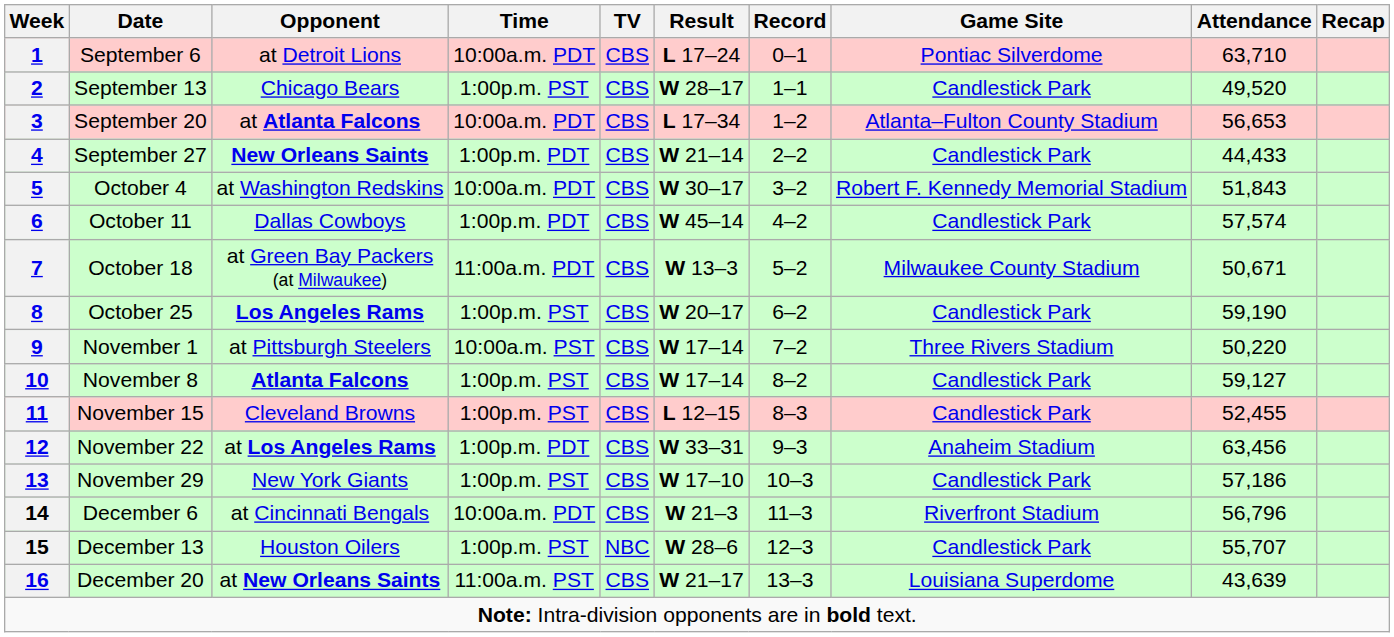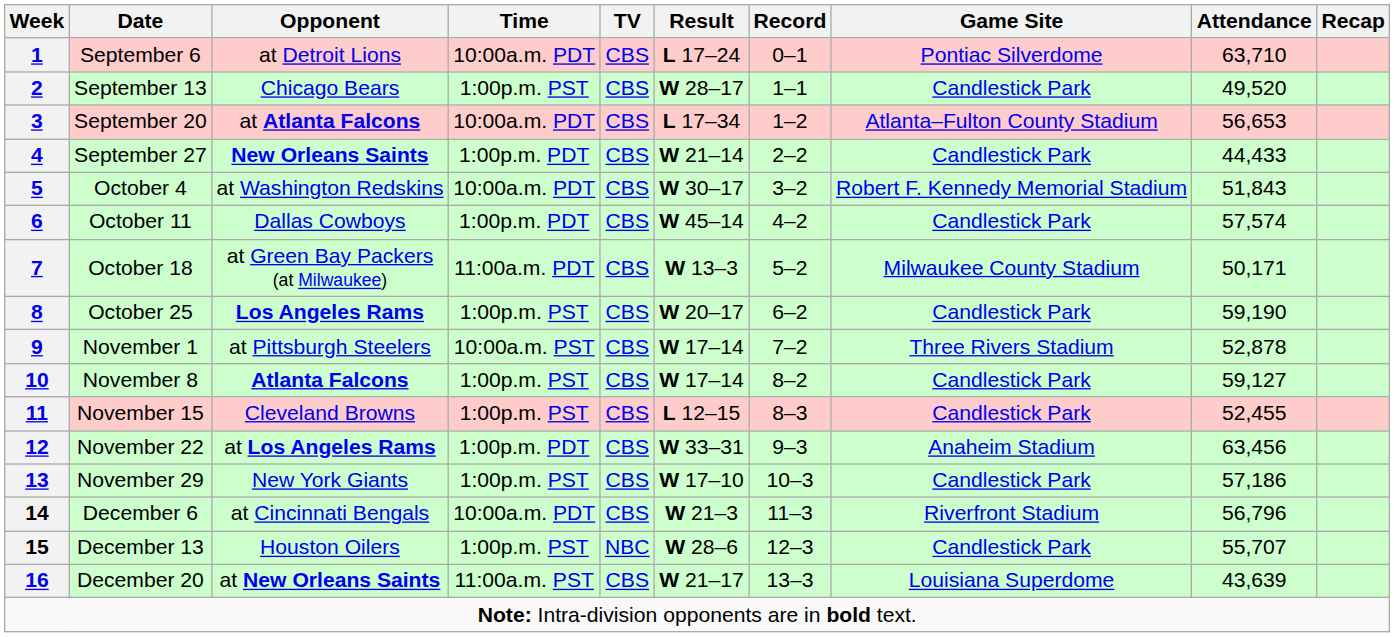 <table class="wikitable" style="text-align:center">
 <tr>
 <th>Week</th>
 <th>Date</th>
 <th>Opponent</th>
 <th>Time</th>
 <th>TV</th>
 <th>Result</th>
 <th>Record</th>
 <th>Game Site</th>
 <th>Attendance</th>
 <th>Recap</th>
 </tr>
 <tr style="background:#fcc">
 <th><a href='#'>1</a></th>
 <td>September 6</td>
 <td>at <a href='#'>Detroit Lions</a></td>
 <td>10:00a.m. <a href='#'>PDT</a></td>
 <td><a href='#'>CBS</a></td>
 <td><strong>L</strong> 17–24</td>
 <td>0–1</td>
 <td><a href='#'>Pontiac Silverdome</a></td>
 <td>63,710</td>
 <td></td>
 </tr>
 <tr style="background:#cfc">
 <th><a href='#'>2</a></th>
 <td>September 13</td>
 <td><a href='#'>Chicago Bears</a></td>
 <td>1:00p.m. <a href='#'>PST</a></td>
 <td><a href='#'>CBS</a></td>
 <td><strong>W</strong> 28–17</td>
 <td>1–1</td>
 <td><a href='#'>Candlestick Park</a></td>
 <td>49,520</td>
 <td></td>
 </tr>
 <tr style="background:#fcc">
 <th><a href='#'>3</a></th>
 <td>September 20</td>
 <td>at <strong><a href='#'>Atlanta Falcons</a></strong></td>
 <td>10:00a.m. <a href='#'>PDT</a></td>
 <td><a href='#'>CBS</a></td>
 <td><strong>L</strong> 17–34</td>
 <td>1–2</td>
 <td><a href='#'>Atlanta–Fulton County Stadium</a></td>
 <td>56,653</td>
 <td></td>
 </tr>
 <tr style="background:#cfc">
 <th><a href='#'>4</a></th>
 <td>September 27</td>
 <td><strong><a href='#'>New Orleans Saints</a></strong></td>
 <td>1:00p.m. <a href='#'>PDT</a></td>
 <td><a href='#'>CBS</a></td>
 <td><strong>W</strong> 21–14</td>
 <td>2–2</td>
 <td><a href='#'>Candlestick Park</a></td>
 <td>44,433</td>
 <td></td>
 </tr>
 <tr style="background:#cfc">
 <th><a href='#'>5</a></th>
 <td>October 4</td>
 <td>at <a href='#'>Washington Redskins</a></td>
 <td>10:00a.m. <a href='#'>PDT</a></td>
 <td><a href='#'>CBS</a></td>
 <td><strong>W</strong> 30–17</td>
 <td>3–2</td>
 <td><a href='#'>Robert F. Kennedy Memorial Stadium</a></td>
 <td>51,843</td>
 <td></td>
 </tr>
 <tr style="background:#cfc">
 <th><a href='#'>6</a></th>
 <td>October 11</td>
 <td><a href='#'>Dallas Cowboys</a></td>
 <td>1:00p.m. <a href='#'>PDT</a></td>
 <td><a href='#'>CBS</a></td>
 <td><strong>W</strong> 45–14</td>
 <td>4–2</td>
 <td><a href='#'>Candlestick Park</a></td>
 <td>57,574</td>
 <td></td>
 </tr>
 <tr style="background:#cfc">
 <th><a href='#'>7</a></th>
 <td>October 18</td>
 <td>at <a href='#'>Green Bay Packers</a><br><small>(at <a href='#'>Milwaukee</a>)</small></td>
 <td>11:00a.m. <a href='#'>PDT</a></td>
 <td><a href='#'>CBS</a></td>
 <td><strong>W</strong> 13–3</td>
 <td>5–2</td>
 <td><a href='#'>Milwaukee County Stadium</a></td>
-<td>50,671</td>
+<td>50,171</td>
 <td></td>
 </tr>
 <tr style="background:#cfc">
 <th><a href='#'>8</a></th>
 <td>October 25</td>
 <td><strong><a href='#'>Los Angeles Rams</a></strong></td>
 <td>1:00p.m. <a href='#'>PST</a></td>
 <td><a href='#'>CBS</a></td>
 <td><strong>W</strong> 20–17</td>
 <td>6–2</td>
 <td><a href='#'>Candlestick Park</a></td>
 <td>59,190</td>
 <td></td>
 </tr>
 <tr style="background:#cfc">
 <th><a href='#'>9</a></th>
 <td>November 1</td>
 <td>at <a href='#'>Pittsburgh Steelers</a></td>
 <td>10:00a.m. <a href='#'>PST</a></td>
 <td><a href='#'>CBS</a></td>
 <td><strong>W</strong> 17–14</td>
 <td>7–2</td>
 <td><a href='#'>Three Rivers Stadium</a></td>
-<td>50,220</td>
+<td>52,878</td>
 <td></td>
 </tr>
 <tr style="background:#cfc">
 <th><a href='#'>10</a></th>
 <td>November 8</td>
 <td><strong><a href='#'>Atlanta Falcons</a></strong></td>
 <td>1:00p.m. <a href='#'>PST</a></td>
 <td><a href='#'>CBS</a></td>
 <td><strong>W</strong> 17–14</td>
 <td>8–2</td>
 <td><a href='#'>Candlestick Park</a></td>
 <td>59,127</td>
 <td></td>
 </tr>
 <tr style="background:#fcc">
 <th><a href='#'>11</a></th>
 <td>November 15</td>
 <td><a href='#'>Cleveland Browns</a></td>
 <td>1:00p.m. <a href='#'>PST</a></td>
 <td><a href='#'>CBS</a></td>
 <td><strong>L</strong> 12–15</td>
 <td>8–3</td>
 <td><a href='#'>Candlestick Park</a></td>
 <td>52,455</td>
 <td></td>
 </tr>
 <tr style="background:#cfc">
 <th><a href='#'>12</a></th>
 <td>November 22</td>
 <td>at <strong><a href='#'>Los Angeles Rams</a></strong></td>
 <td>1:00p.m. <a href='#'>PDT</a></td>
 <td><a href='#'>CBS</a></td>
 <td><strong>W</strong> 33–31</td>
 <td>9–3</td>
 <td><a href='#'>Anaheim Stadium</a></td>
 <td>63,456</td>
 <td></td>
 </tr>
 <tr style="background:#cfc">
 <th><a href='#'>13</a></th>
 <td>November 29</td>
 <td><a href='#'>New York Giants</a></td>
 <td>1:00p.m. <a href='#'>PST</a></td>
 <td><a href='#'>CBS</a></td>
 <td><strong>W</strong> 17–10</td>
 <td>10–3</td>
 <td><a href='#'>Candlestick Park</a></td>
 <td>57,186</td>
 <td></td>
 </tr>
 <tr style="background:#cfc">
 <th>14</th>
 <td>December 6</td>
 <td>at <a href='#'>Cincinnati Bengals</a></td>
 <td>10:00a.m. <a href='#'>PDT</a></td>
 <td><a href='#'>CBS</a></td>
 <td><strong>W</strong> 21–3</td>
 <td>11–3</td>
 <td><a href='#'>Riverfront Stadium</a></td>
 <td>56,796</td>
 <td></td>
 </tr>
 <tr style="background:#cfc">
 <th>15</th>
 <td>December 13</td>
 <td><a href='#'>Houston Oilers</a></td>
 <td>1:00p.m. <a href='#'>PST</a></td>
 <td><a href='#'>NBC</a></td>
 <td><strong>W</strong> 28–6</td>
 <td>12–3</td>
 <td><a href='#'>Candlestick Park</a></td>
 <td>55,707</td>
 <td></td>
 </tr>
 <tr style="background:#cfc">
 <th><a href='#'>16</a></th>
 <td>December 20</td>
 <td>at <strong><a href='#'>New Orleans Saints</a></strong></td>
 <td>11:00a.m. <a href='#'>PST</a></td>
 <td><a href='#'>CBS</a></td>
 <td><strong>W</strong> 21–17</td>
 <td>13–3</td>
 <td><a href='#'>Louisiana Superdome</a></td>
 <td>43,639</td>
 <td></td>
 </tr>
 <tr>
 <td colspan="10"><strong>Note:</strong> Intra-division opponents are in <strong>bold</strong> text.</td>
 </tr>
 </table>
